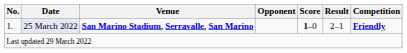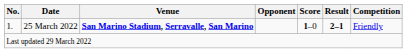 <table class="wikitable" style="font-size:85%;">
 <tr>
 <th>No.</th>
 <th>Date</th>
 <th>Venue</th>
 <th>Opponent</th>
 <th>Score</th>
 <th>Result</th>
 <th>Competition</th>
 </tr>
 <tr>
 <td>1.</td>
-<td style="background: lavender;">25 March 2022</td>
+<td>25 March 2022</td>
 <td><strong><a href='#'>San Marino Stadium</a>, <a href='#'>Serravalle</a>, <a href='#'>San Marino</a></strong></td>
 <td></td>
 <td align=center><strong>1</strong>–0</td>
-<td align=center>2–1</td>
-<td><strong><a href='#'>Friendly</a></strong></td>
+<td align=center><strong>2–1</strong></td>
+<td><a href='#'>Friendly</a></td>
 </tr>
 <tr>
 <td colspan="7"><small>Last updated 29 March 2022</small></td>
 </tr>
 </table>
